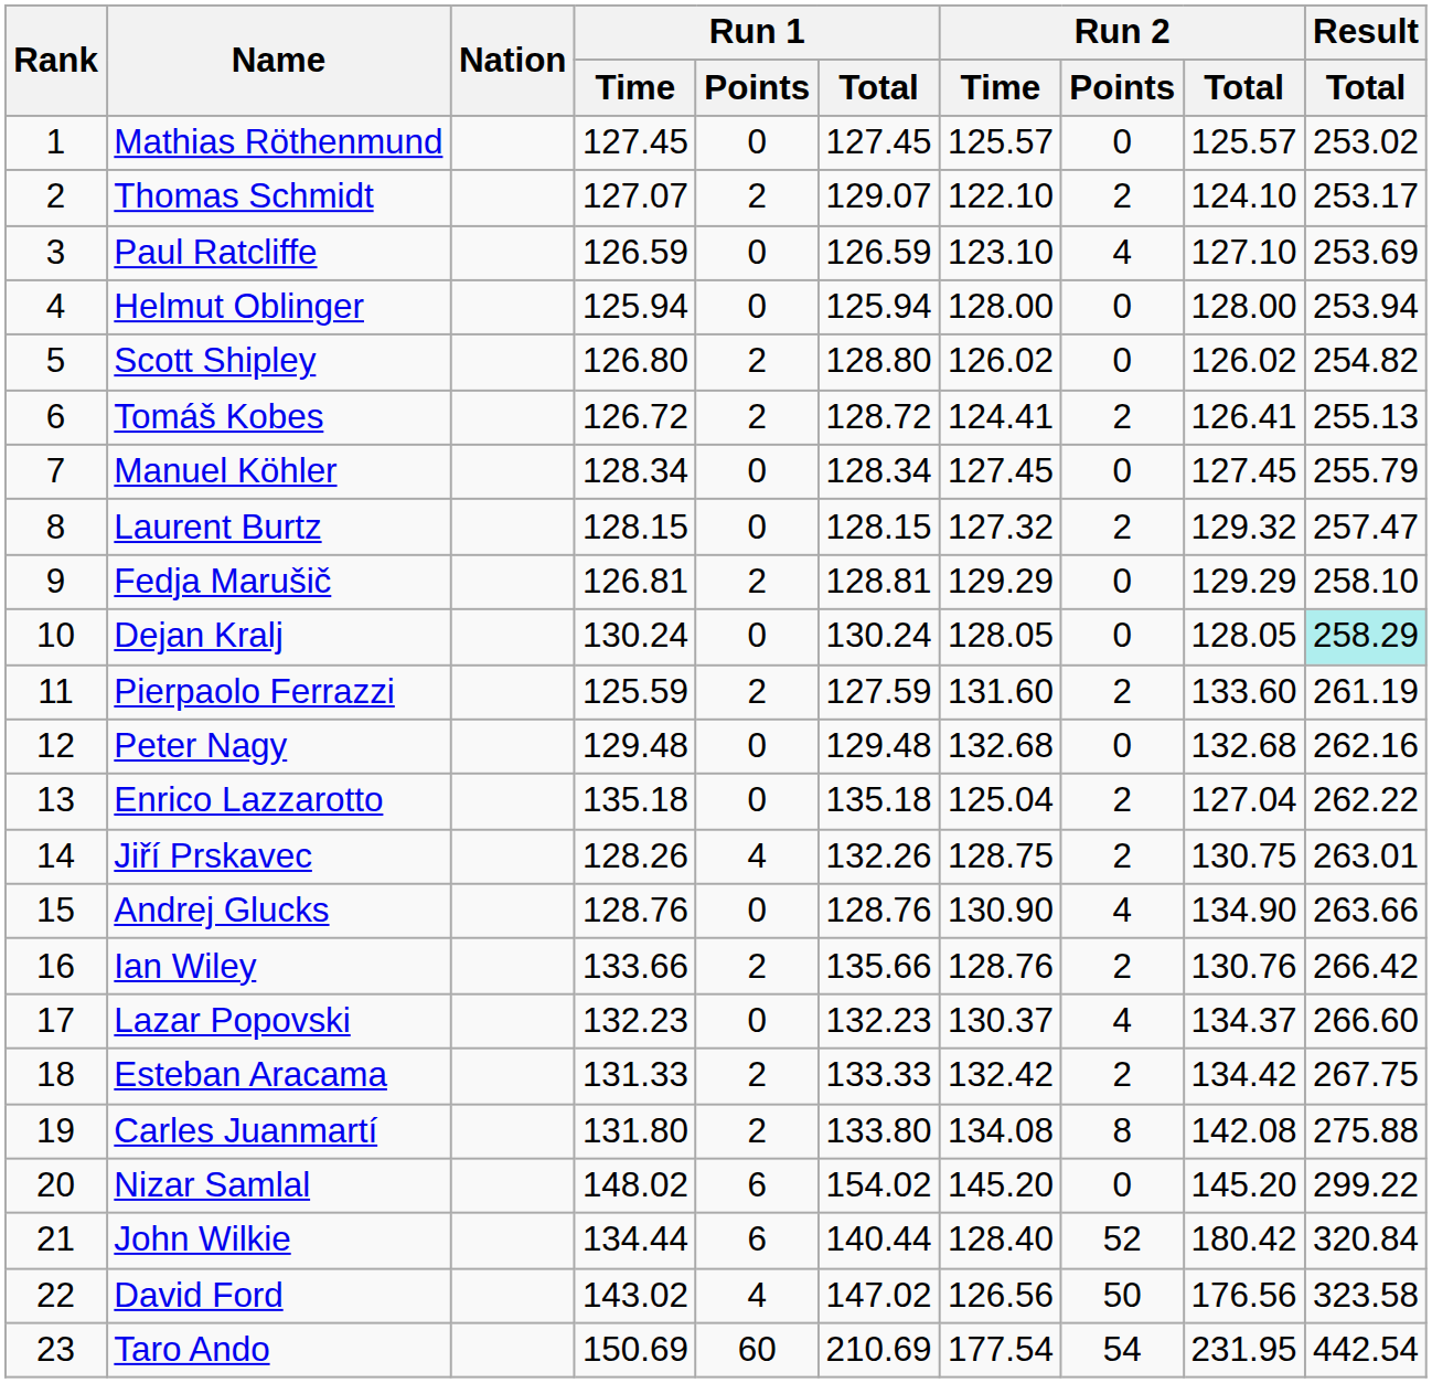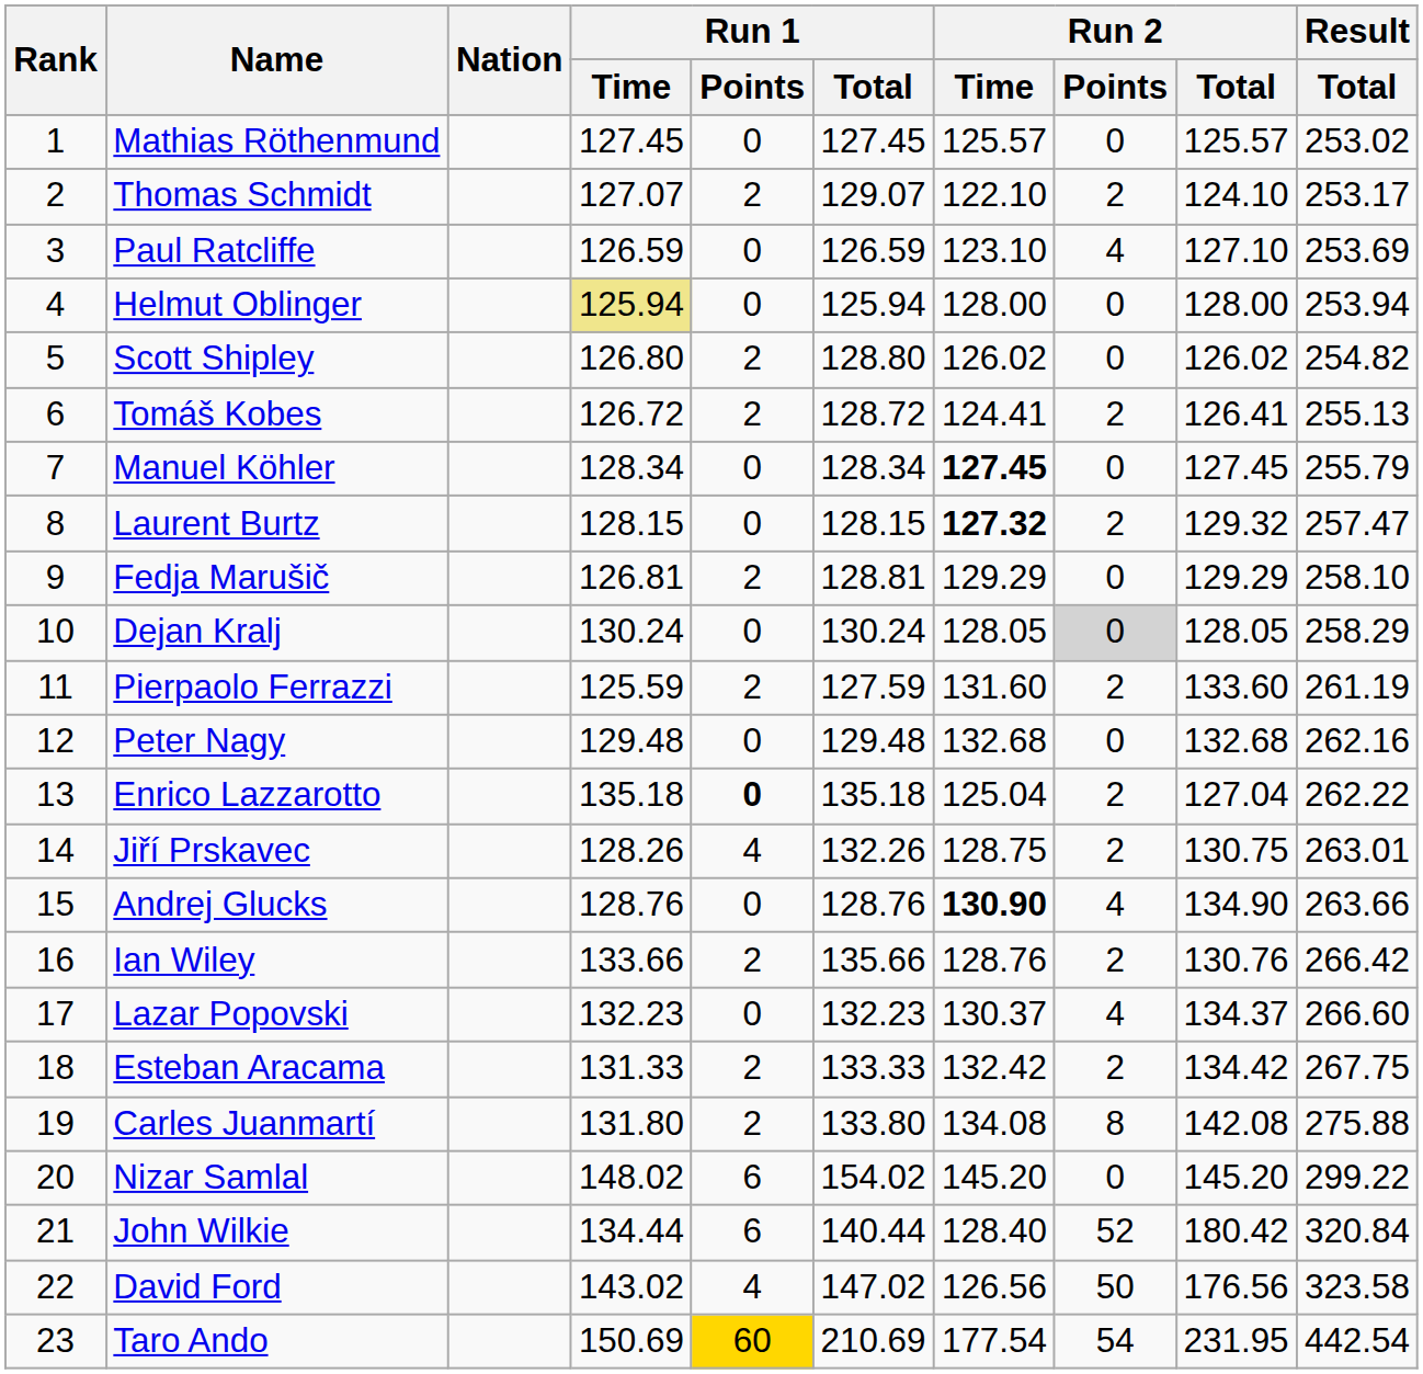 <table class="wikitable sortable" style="text-align:center">
 <tr>
 <th rowspan=2>Rank</th>
 <th rowspan=2>Name</th>
 <th rowspan=2>Nation</th>
 <th colspan=3>Run 1</th>
 <th colspan=3>Run 2</th>
 <th>Result</th>
 </tr>
 <tr>
 <th>Time</th>
 <th>Points</th>
 <th>Total</th>
 <th>Time</th>
 <th>Points</th>
 <th>Total</th>
 <th>Total</th>
 </tr>
 <tr>
 <td>1</td>
 <td align=left><a href='#'>Mathias Röthenmund</a></td>
 <td align=left></td>
 <td>127.45</td>
 <td>0</td>
 <td>127.45</td>
 <td>125.57</td>
 <td>0</td>
 <td>125.57</td>
 <td>253.02</td>
 </tr>
 <tr>
 <td>2</td>
 <td align=left><a href='#'>Thomas Schmidt</a></td>
 <td align=left></td>
 <td>127.07</td>
 <td>2</td>
 <td>129.07</td>
 <td>122.10</td>
 <td>2</td>
 <td>124.10</td>
 <td>253.17</td>
 </tr>
 <tr>
 <td>3</td>
 <td align=left><a href='#'>Paul Ratcliffe</a></td>
 <td align=left></td>
 <td>126.59</td>
 <td>0</td>
 <td>126.59</td>
 <td>123.10</td>
 <td>4</td>
 <td>127.10</td>
 <td>253.69</td>
 </tr>
 <tr>
 <td>4</td>
 <td align=left><a href='#'>Helmut Oblinger</a></td>
 <td align=left></td>
-<td>125.94</td>
+<td style="background: khaki;">125.94</td>
 <td>0</td>
 <td>125.94</td>
 <td>128.00</td>
 <td>0</td>
 <td>128.00</td>
 <td>253.94</td>
 </tr>
 <tr>
 <td>5</td>
 <td align=left><a href='#'>Scott Shipley</a></td>
 <td align=left></td>
 <td>126.80</td>
 <td>2</td>
 <td>128.80</td>
 <td>126.02</td>
 <td>0</td>
 <td>126.02</td>
 <td>254.82</td>
 </tr>
 <tr>
 <td>6</td>
 <td align=left><a href='#'>Tomáš Kobes</a></td>
 <td align=left></td>
 <td>126.72</td>
 <td>2</td>
 <td>128.72</td>
 <td>124.41</td>
 <td>2</td>
 <td>126.41</td>
 <td>255.13</td>
 </tr>
 <tr>
 <td>7</td>
 <td align=left><a href='#'>Manuel Köhler</a></td>
 <td align=left></td>
 <td>128.34</td>
 <td>0</td>
 <td>128.34</td>
-<td>127.45</td>
+<td><strong>127.45</strong></td>
 <td>0</td>
 <td>127.45</td>
 <td>255.79</td>
 </tr>
 <tr>
 <td>8</td>
 <td align=left><a href='#'>Laurent Burtz</a></td>
 <td align=left></td>
 <td>128.15</td>
 <td>0</td>
 <td>128.15</td>
-<td>127.32</td>
+<td><strong>127.32</strong></td>
 <td>2</td>
 <td>129.32</td>
 <td>257.47</td>
 </tr>
 <tr>
 <td>9</td>
 <td align=left><a href='#'>Fedja Marušič</a></td>
 <td align=left></td>
 <td>126.81</td>
 <td>2</td>
 <td>128.81</td>
 <td>129.29</td>
 <td>0</td>
 <td>129.29</td>
 <td>258.10</td>
 </tr>
 <tr>
 <td>10</td>
 <td align=left><a href='#'>Dejan Kralj</a></td>
 <td align=left></td>
 <td>130.24</td>
 <td>0</td>
 <td>130.24</td>
 <td>128.05</td>
-<td>0</td>
+<td style="background: lightgrey;">0</td>
 <td>128.05</td>
-<td style="background: paleturquoise;">258.29</td>
+<td>258.29</td>
 </tr>
 <tr>
 <td>11</td>
 <td align=left><a href='#'>Pierpaolo Ferrazzi</a></td>
 <td align=left></td>
 <td>125.59</td>
 <td>2</td>
 <td>127.59</td>
 <td>131.60</td>
 <td>2</td>
 <td>133.60</td>
 <td>261.19</td>
 </tr>
 <tr>
 <td>12</td>
 <td align=left><a href='#'>Peter Nagy</a></td>
 <td align=left></td>
 <td>129.48</td>
 <td>0</td>
 <td>129.48</td>
 <td>132.68</td>
 <td>0</td>
 <td>132.68</td>
 <td>262.16</td>
 </tr>
 <tr>
 <td>13</td>
 <td align=left><a href='#'>Enrico Lazzarotto</a></td>
 <td align=left></td>
 <td>135.18</td>
-<td>0</td>
+<td><strong>0</strong></td>
 <td>135.18</td>
 <td>125.04</td>
 <td>2</td>
 <td>127.04</td>
 <td>262.22</td>
 </tr>
 <tr>
 <td>14</td>
 <td align=left><a href='#'>Jiří Prskavec</a></td>
 <td align=left></td>
 <td>128.26</td>
 <td>4</td>
 <td>132.26</td>
 <td>128.75</td>
 <td>2</td>
 <td>130.75</td>
 <td>263.01</td>
 </tr>
 <tr>
 <td>15</td>
 <td align=left><a href='#'>Andrej Glucks</a></td>
 <td align=left></td>
 <td>128.76</td>
 <td>0</td>
 <td>128.76</td>
-<td>130.90</td>
+<td><strong>130.90</strong></td>
 <td>4</td>
 <td>134.90</td>
 <td>263.66</td>
 </tr>
 <tr>
 <td>16</td>
 <td align=left><a href='#'>Ian Wiley</a></td>
 <td align=left></td>
 <td>133.66</td>
 <td>2</td>
 <td>135.66</td>
 <td>128.76</td>
 <td>2</td>
 <td>130.76</td>
 <td>266.42</td>
 </tr>
 <tr>
 <td>17</td>
 <td align=left><a href='#'>Lazar Popovski</a></td>
 <td align=left></td>
 <td>132.23</td>
 <td>0</td>
 <td>132.23</td>
 <td>130.37</td>
 <td>4</td>
 <td>134.37</td>
 <td>266.60</td>
 </tr>
 <tr>
 <td>18</td>
 <td align=left><a href='#'>Esteban Aracama</a></td>
 <td align=left></td>
 <td>131.33</td>
 <td>2</td>
 <td>133.33</td>
 <td>132.42</td>
 <td>2</td>
 <td>134.42</td>
 <td>267.75</td>
 </tr>
 <tr>
 <td>19</td>
 <td align=left><a href='#'>Carles Juanmartí</a></td>
 <td align=left></td>
 <td>131.80</td>
 <td>2</td>
 <td>133.80</td>
 <td>134.08</td>
 <td>8</td>
 <td>142.08</td>
 <td>275.88</td>
 </tr>
 <tr>
 <td>20</td>
 <td align=left><a href='#'>Nizar Samlal</a></td>
 <td align=left></td>
 <td>148.02</td>
 <td>6</td>
 <td>154.02</td>
 <td>145.20</td>
 <td>0</td>
 <td>145.20</td>
 <td>299.22</td>
 </tr>
 <tr>
 <td>21</td>
 <td align=left><a href='#'>John Wilkie</a></td>
 <td align=left></td>
 <td>134.44</td>
 <td>6</td>
 <td>140.44</td>
 <td>128.40</td>
 <td>52</td>
 <td>180.42</td>
 <td>320.84</td>
 </tr>
 <tr>
 <td>22</td>
 <td align=left><a href='#'>David Ford</a></td>
 <td align=left></td>
 <td>143.02</td>
 <td>4</td>
 <td>147.02</td>
 <td>126.56</td>
 <td>50</td>
 <td>176.56</td>
 <td>323.58</td>
 </tr>
 <tr>
 <td>23</td>
 <td align=left><a href='#'>Taro Ando</a></td>
 <td align=left></td>
 <td>150.69</td>
-<td>60</td>
+<td style="background: gold;">60</td>
 <td>210.69</td>
 <td>177.54</td>
 <td>54</td>
 <td>231.95</td>
 <td>442.54</td>
 </tr>
 </table>
